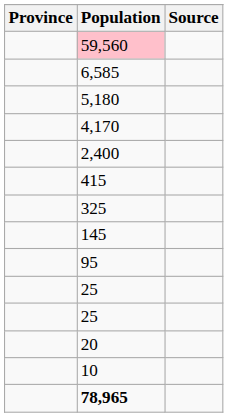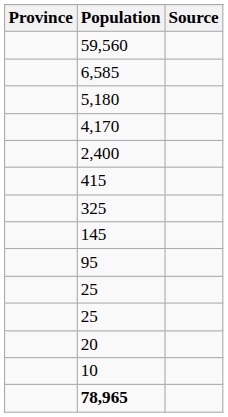 <table class="wikitable sortable">
 <tr>
 </tr>
 <tr>
 <th>Province</th>
 <th>Population</th>
 <th>Source</th>
 </tr>
 <tr>
 <td></td>
-<td style="background: pink;">59,560</td>
+<td>59,560</td>
 <td></td>
 </tr>
 <tr>
 <td></td>
 <td>6,585</td>
 <td></td>
 </tr>
 <tr>
 <td></td>
 <td>5,180</td>
 <td></td>
 </tr>
 <tr>
 <td></td>
 <td>4,170</td>
 <td></td>
 </tr>
 <tr>
 <td></td>
 <td>2,400</td>
 <td></td>
 </tr>
 <tr>
 <td></td>
 <td>415</td>
 <td></td>
 </tr>
 <tr>
 <td></td>
 <td>325</td>
 <td></td>
 </tr>
 <tr>
 <td></td>
 <td>145</td>
 <td></td>
 </tr>
 <tr>
 <td></td>
 <td>95</td>
 <td></td>
 </tr>
 <tr>
 <td></td>
 <td>25</td>
 <td></td>
 </tr>
 <tr>
 <td></td>
 <td>25</td>
 <td></td>
 </tr>
 <tr>
 <td></td>
 <td>20</td>
 <td></td>
 </tr>
 <tr>
 <td></td>
 <td>10</td>
 <td></td>
 </tr>
 <tr>
 <td></td>
 <td><strong>78,965</strong></td>
 <td></td>
 </tr>
 </table>
